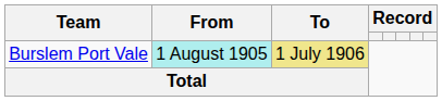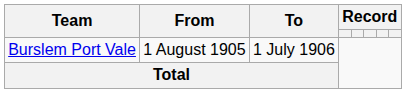 <table class="wikitable" style="text-align: center">
 <tr>
 <th rowspan=2>Team</th>
 <th rowspan=2>From</th>
 <th rowspan=2>To</th>
 <th colspan=5>Record</th>
 </tr>
 <tr>
 <th></th>
 <th></th>
 <th></th>
 <th></th>
 <th></th>
 </tr>
 <tr>
 <td align=left><a href='#'>Burslem Port Vale</a></td>
-<td align=left style="background: paleturquoise;">1 August 1905</td>
-<td align=left style="background: khaki;">1 July 1906<br></td>
+<td align=left>1 August 1905</td>
+<td align=left>1 July 1906<br></td>
 </tr>
 <tr>
 <th colspan=3>Total<br></th>
 </tr>
 </table>
